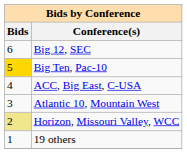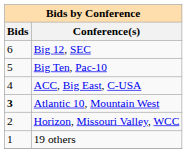 <table class="wikitable">
 <tr>
 <th colspan="5" style="background:#ffdead;">Bids by Conference</th>
 </tr>
 <tr>
 <th>Bids</th>
 <th>Conference(s)</th>
 </tr>
 <tr>
 <td>6</td>
 <td><a href='#'>Big 12</a>, <a href='#'>SEC</a></td>
 </tr>
 <tr>
-<td style="background: gold;">5</td>
+<td>5</td>
 <td><a href='#'>Big Ten</a>, <a href='#'>Pac-10</a></td>
 </tr>
 <tr>
 <td>4</td>
 <td><a href='#'>ACC</a>, <a href='#'>Big East</a>, <a href='#'>C-USA</a></td>
 </tr>
 <tr>
-<td>3</td>
+<td><strong>3</strong></td>
 <td><a href='#'>Atlantic 10</a>, <a href='#'>Mountain West</a></td>
 </tr>
 <tr>
-<td style="background: khaki;">2</td>
+<td>2</td>
 <td><a href='#'>Horizon</a>, <a href='#'>Missouri Valley</a>, <a href='#'>WCC</a></td>
 </tr>
 <tr>
 <td>1</td>
 <td>19 others</td>
 </tr>
 <tr>
 </tr>
 </table>
